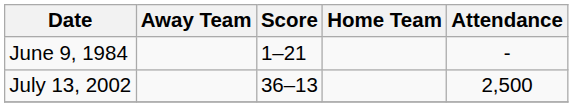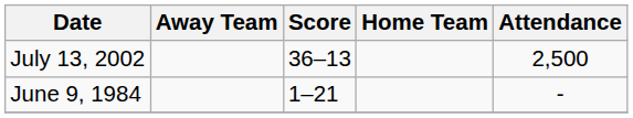 <table class="wikitable">
 <tr>
 <th>Date</th>
 <th>Away Team</th>
 <th>Score</th>
 <th>Home Team</th>
 <th>Attendance</th>
 </tr>
 <tr>
+<td>July 13, 2002</td>
+<td><strong></strong></td>
+<td>36–13</td>
+<td></td>
+<td style="text-align:center;">2,500</td>
+</tr>
+<tr>
 <td>June 9, 1984</td>
 <td></td>
 <td>1–21</td>
 <td><strong></strong></td>
 <td style="text-align:center;">-</td>
 </tr>
 <tr>
-<td>July 13, 2002</td>
-<td><strong></strong></td>
-<td>36–13</td>
-<td></td>
-<td style="text-align:center;">2,500</td>
-</tr>
-<tr>
 </tr>
 </table>
